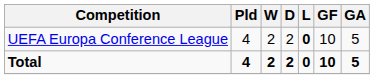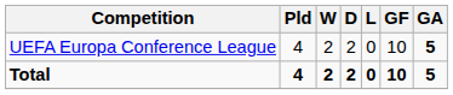 <table class="wikitable">
 <tr>
 <th>Competition</th>
 <th>Pld</th>
 <th>W</th>
 <th>D</th>
 <th>L</th>
 <th>GF</th>
 <th>GA</th>
 </tr>
 <tr>
 <td><a href='#'>UEFA Europa Conference League</a></td>
 <td style="text-align:center;">4</td>
 <td style="text-align:center;">2</td>
 <td style="text-align:center;">2</td>
-<td style="text-align:center;"><strong>0</strong></td>
+<td style="text-align:center;">0</td>
 <td style="text-align:center;">10</td>
-<td style="text-align:center;">5</td>
+<td style="text-align:center;"><strong>5</strong></td>
 </tr>
 <tr>
 <td><strong>Total</strong></td>
 <td style="text-align:center;"><strong>4</strong></td>
 <td style="text-align:center;"><strong>2</strong></td>
 <td style="text-align:center;"><strong>2</strong></td>
 <td style="text-align:center;"><strong>0</strong></td>
 <td style="text-align:center;"><strong>10</strong></td>
 <td style="text-align:center;"><strong>5</strong></td>
 </tr>
 <tr>
 </tr>
 </table>
